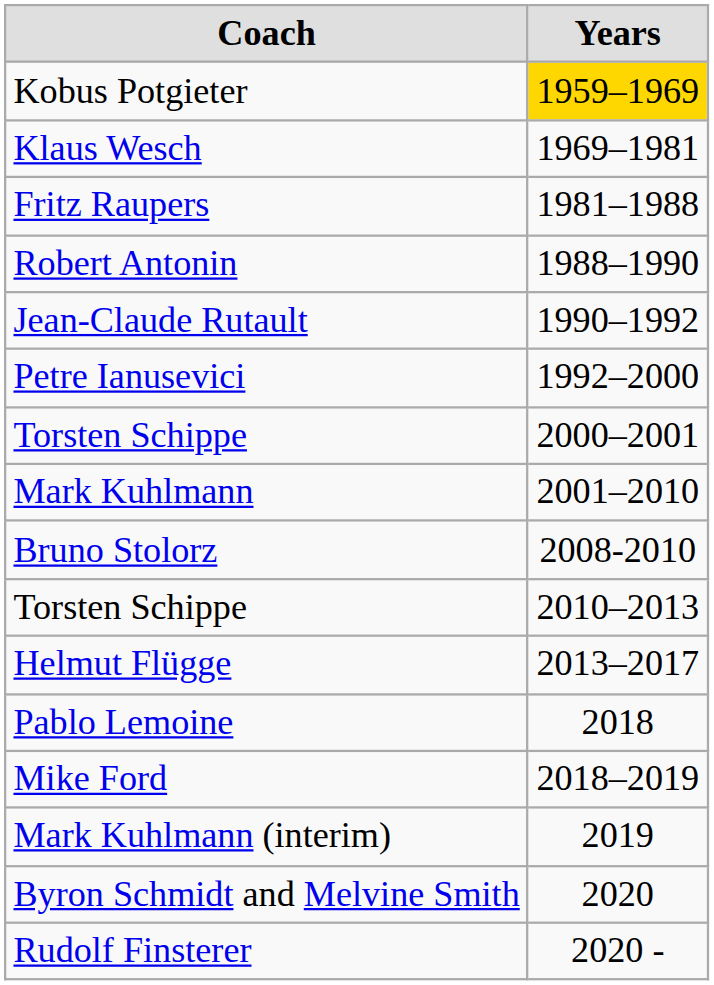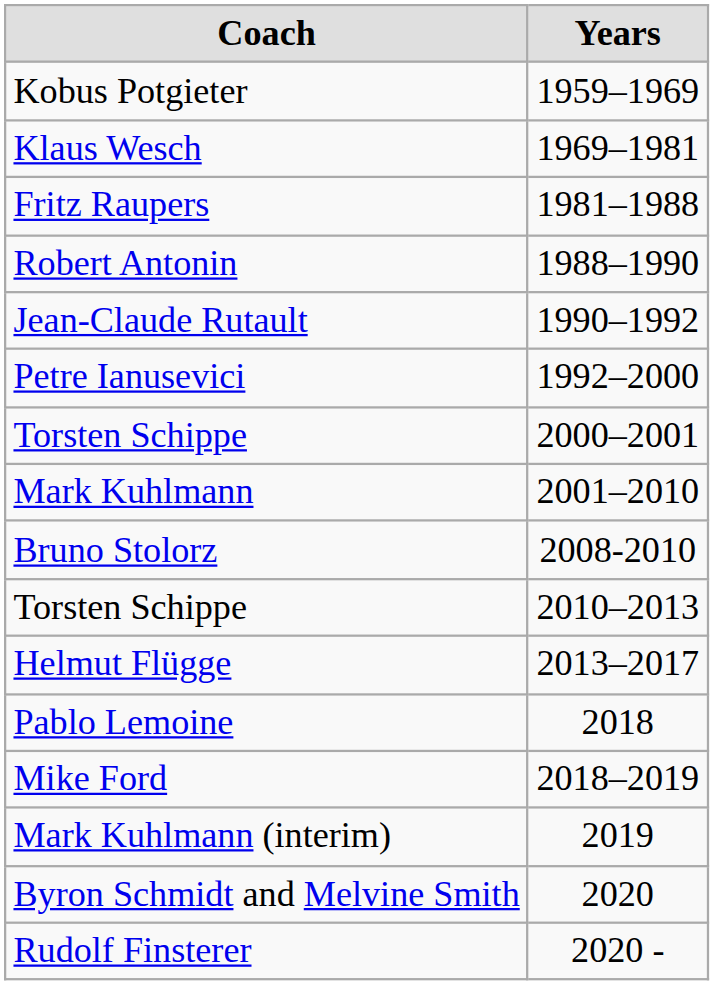 <table class=wikitable>
 <tr align=center bgcolor=#dfdfdf>
 <td><strong>Coach</strong></td>
 <td><strong>Years</strong></td>
 </tr>
 <tr align=center>
 <td align=left> Kobus Potgieter</td>
-<td style="background: gold;">1959–1969</td>
+<td>1959–1969</td>
 </tr>
 <tr align=center>
 <td align=left> <a href='#'>Klaus Wesch</a></td>
 <td>1969–1981</td>
 </tr>
 <tr align=center>
 <td align=left> <a href='#'>Fritz Raupers</a></td>
 <td>1981–1988</td>
 </tr>
 <tr align=center>
 <td align=left> <a href='#'>Robert Antonin</a></td>
 <td>1988–1990</td>
 </tr>
 <tr align=center>
 <td align=left> <a href='#'>Jean-Claude Rutault</a></td>
 <td>1990–1992</td>
 </tr>
 <tr align=center>
 <td align=left> <a href='#'>Petre Ianusevici</a></td>
 <td>1992–2000</td>
 </tr>
 <tr align=center>
 <td align=left> <a href='#'>Torsten Schippe</a></td>
 <td>2000–2001</td>
 </tr>
 <tr align=center>
 <td align=left> <a href='#'>Mark Kuhlmann</a></td>
 <td>2001–2010</td>
 </tr>
 <tr align=center>
 <td align=left> <a href='#'>Bruno Stolorz</a></td>
 <td>2008-2010</td>
 </tr>
 <tr align=center>
 <td align=left> Torsten Schippe</td>
 <td>2010–2013</td>
 </tr>
 <tr align=center>
 <td align=left> <a href='#'>Helmut Flügge</a></td>
 <td>2013–2017</td>
 </tr>
 <tr align=center>
 <td align=left> <a href='#'>Pablo Lemoine</a></td>
 <td>2018</td>
 </tr>
 <tr align=center>
 <td align=left> <a href='#'>Mike Ford</a></td>
 <td>2018–2019</td>
 </tr>
 <tr align=center>
 <td align=left> <a href='#'>Mark Kuhlmann</a> (interim)</td>
 <td>2019</td>
 </tr>
 <tr align=center>
 <td align=left> <a href='#'>Byron Schmidt</a> and <a href='#'>Melvine Smith</a></td>
 <td>2020</td>
 </tr>
 <tr align=center>
 <td align=left> <a href='#'>Rudolf Finsterer</a></td>
 <td>2020 -</td>
 </tr>
 </table>
